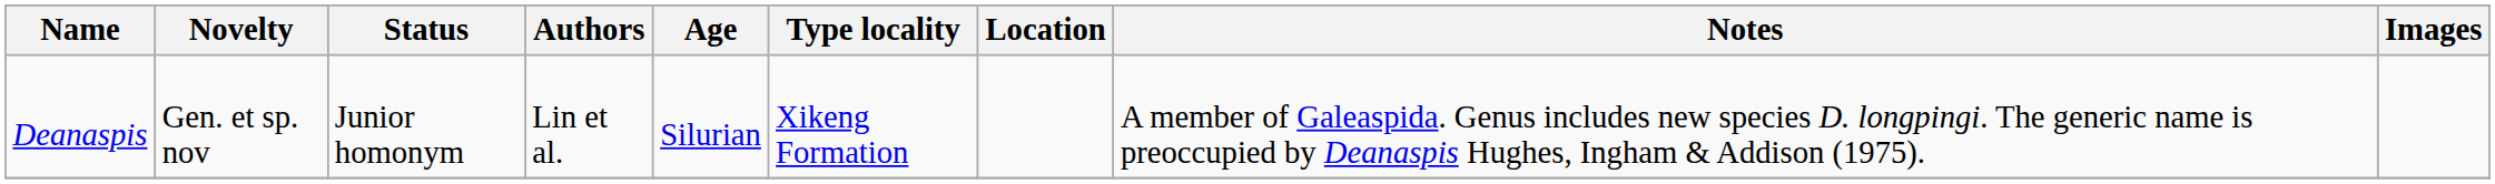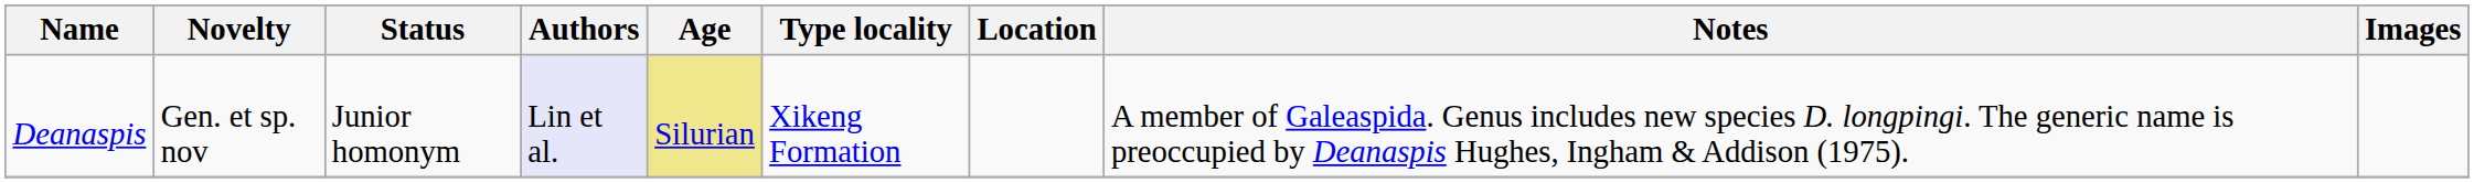 <table class="wikitable sortable" align="center">
 <tr>
 <th>Name</th>
 <th>Novelty</th>
 <th>Status</th>
 <th>Authors</th>
 <th>Age</th>
 <th>Type locality</th>
 <th>Location</th>
 <th>Notes</th>
 <th>Images</th>
 </tr>
 <tr>
 <td><br><em><a href='#'>Deanaspis</a></em></td>
 <td><br>Gen. et sp. nov</td>
 <td><br>Junior homonym</td>
-<td><br>Lin et al.</td>
-<td><br><a href='#'>Silurian</a></td>
+<td style="background: lavender;"><br>Lin et al.</td>
+<td style="background: khaki;"><br><a href='#'>Silurian</a></td>
 <td><br><a href='#'>Xikeng Formation</a></td>
 <td><br></td>
 <td><br>A member of <a href='#'>Galeaspida</a>. Genus includes new species <em>D. longpingi</em>. The generic name is preoccupied by <em><a href='#'>Deanaspis</a></em> Hughes, Ingham & Addison (1975).</td>
 <td></td>
 </tr>
 <tr>
 </tr>
 </table>
